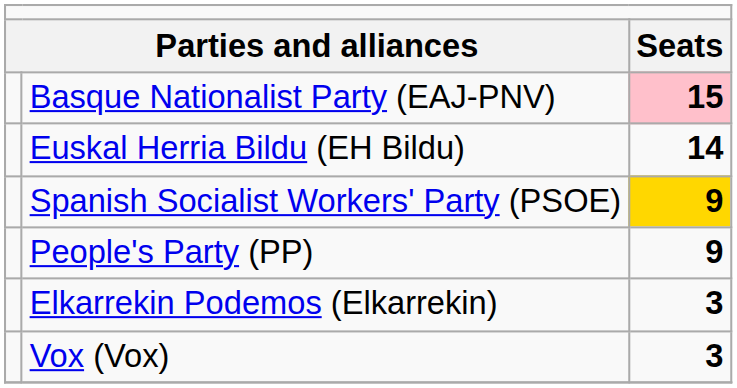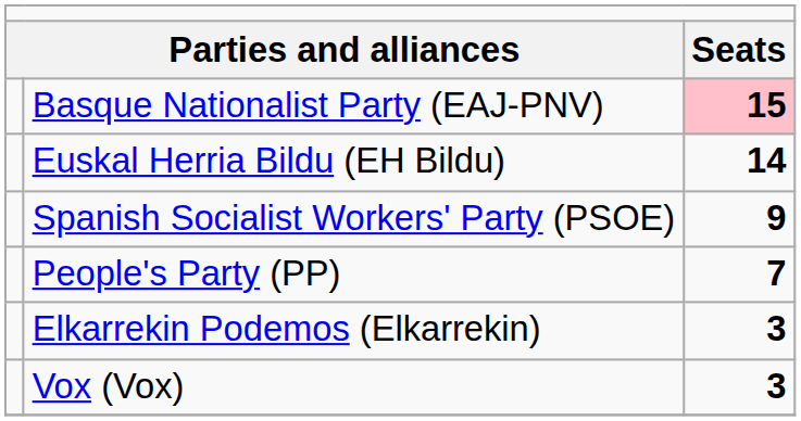 <table class="wikitable" style="text-align:right;">
 <tr>
 <td colspan="7"></td>
 </tr>
 <tr>
 <th colspan="2">Parties and alliances</th>
 <th colspan="2">Seats</th>
 </tr>
 <tr>
 <td width="1" style="color:inherit;background:"></td>
 <td align="left"><a href='#'>Basque Nationalist Party</a> (EAJ-PNV)</td>
 <td style="background: pink;"><strong>15</strong></td>
 </tr>
 <tr>
 <td style="color:inherit;background:"></td>
 <td align="left"><a href='#'>Euskal Herria Bildu</a> (EH Bildu)</td>
 <td><strong>14</strong></td>
 </tr>
 <tr>
 <td style="color:inherit;background:"></td>
 <td align="left"><a href='#'>Spanish Socialist Workers' Party</a> (PSOE)</td>
-<td style="background: gold;"><strong>9</strong></td>
+<td><strong>9</strong></td>
 </tr>
 <tr>
 <td style="color:inherit;background:"></td>
 <td align="left"><a href='#'>People's Party</a> (PP)</td>
-<td><strong>9</strong></td>
+<td><strong>7</strong></td>
 </tr>
 <tr>
 <td style="color:inherit;background:"></td>
 <td align="left"><a href='#'>Elkarrekin Podemos</a> (Elkarrekin)</td>
 <td><strong>3</strong></td>
 </tr>
 <tr>
 <td style="color:inherit;background:"></td>
 <td align="left"><a href='#'>Vox</a> (Vox)</td>
 <td><strong>3</strong></td>
 </tr>
 <tr>
 </tr>
 </table>
